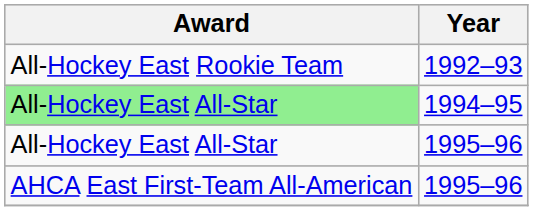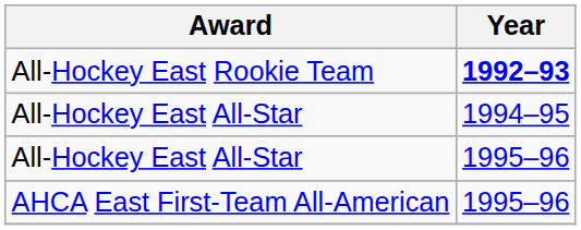 <table class="wikitable">
 <tr>
 <th>Award</th>
 <th>Year</th>
 </tr>
 <tr>
 <td>All-<a href='#'>Hockey East</a> <a href='#'>Rookie Team</a></td>
-<td><a href='#'>1992–93</a></td>
+<td><strong><a href='#'>1992–93</a></strong></td>
 </tr>
 <tr>
-<td style="background: lightgreen;">All-<a href='#'>Hockey East</a> <a href='#'>All-Star</a></td>
+<td>All-<a href='#'>Hockey East</a> <a href='#'>All-Star</a></td>
 <td><a href='#'>1994–95</a></td>
 </tr>
 <tr>
 <td>All-<a href='#'>Hockey East</a> <a href='#'>All-Star</a></td>
 <td><a href='#'>1995–96</a></td>
 </tr>
 <tr>
 <td><a href='#'>AHCA</a> <a href='#'>East First-Team All-American</a></td>
 <td><a href='#'>1995–96</a></td>
 </tr>
 <tr>
 </tr>
 </table>
